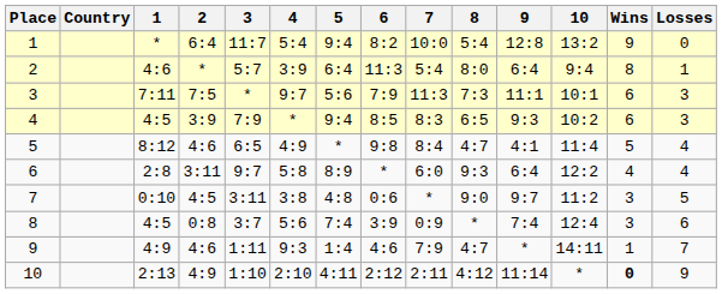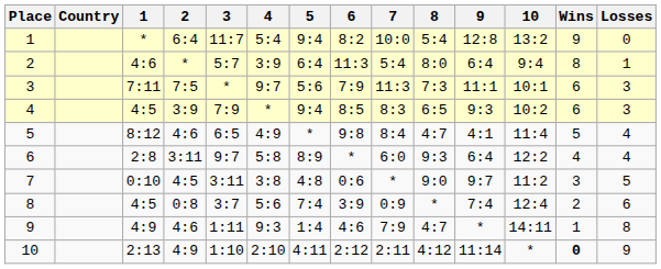 <table class=wikitable style="text-align: center;">
 <tr>
 <th>Place</th>
 <th>Country</th>
 <th width=20>1</th>
 <th width=20>2</th>
 <th width=20>3</th>
 <th width=20>4</th>
 <th width=20>5</th>
 <th width=20>6</th>
 <th width=20>7</th>
 <th width=20>8</th>
 <th width=20>9</th>
 <th width=20>10</th>
 <th width=20>Wins</th>
 <th width=20>Losses</th>
 </tr>
 <tr bgcolor=#ffc>
 <td>1</td>
 <td align="left"></td>
 <td>*</td>
 <td>6:4</td>
 <td>11:7</td>
 <td>5:4</td>
 <td>9:4</td>
 <td>8:2</td>
 <td>10:0</td>
 <td>5:4</td>
 <td>12:8</td>
 <td>13:2</td>
 <td>9</td>
 <td>0</td>
 </tr>
 <tr bgcolor=#ffc>
 <td>2</td>
 <td align="left"></td>
 <td>4:6</td>
 <td>*</td>
 <td>5:7</td>
 <td>3:9</td>
 <td>6:4</td>
 <td>11:3</td>
 <td>5:4</td>
 <td>8:0</td>
 <td>6:4</td>
 <td>9:4</td>
 <td>8</td>
 <td>1</td>
 </tr>
 <tr bgcolor=#ffc>
 <td>3</td>
 <td align="left"></td>
 <td>7:11</td>
 <td>7:5</td>
 <td>*</td>
 <td>9:7</td>
 <td>5:6</td>
 <td>7:9</td>
 <td>11:3</td>
 <td>7:3</td>
 <td>11:1</td>
 <td>10:1</td>
 <td>6</td>
 <td>3</td>
 </tr>
 <tr bgcolor=#ffc>
 <td>4</td>
 <td align="left"></td>
 <td>4:5</td>
 <td>3:9</td>
 <td>7:9</td>
 <td>*</td>
 <td>9:4</td>
 <td>8:5</td>
 <td>8:3</td>
 <td>6:5</td>
 <td>9:3</td>
 <td>10:2</td>
 <td>6</td>
 <td>3</td>
 </tr>
 <tr>
 <td>5</td>
 <td align="left"></td>
 <td>8:12</td>
 <td>4:6</td>
 <td>6:5</td>
 <td>4:9</td>
 <td>*</td>
 <td>9:8</td>
 <td>8:4</td>
 <td>4:7</td>
 <td>4:1</td>
 <td>11:4</td>
 <td>5</td>
 <td>4</td>
 </tr>
 <tr>
 <td>6</td>
 <td align="left"></td>
 <td>2:8</td>
 <td>3:11</td>
 <td>9:7</td>
 <td>5:8</td>
 <td>8:9</td>
 <td>*</td>
 <td>6:0</td>
 <td>9:3</td>
 <td>6:4</td>
 <td>12:2</td>
 <td>4</td>
 <td>4</td>
 </tr>
 <tr>
 <td>7</td>
 <td align="left"></td>
 <td>0:10</td>
 <td>4:5</td>
 <td>3:11</td>
 <td>3:8</td>
 <td>4:8</td>
 <td>0:6</td>
 <td>*</td>
 <td>9:0</td>
 <td>9:7</td>
 <td>11:2</td>
 <td>3</td>
 <td>5</td>
 </tr>
 <tr>
 <td>8</td>
 <td align="left"></td>
 <td>4:5</td>
 <td>0:8</td>
 <td>3:7</td>
 <td>5:6</td>
 <td>7:4</td>
 <td>3:9</td>
 <td>0:9</td>
 <td>*</td>
 <td>7:4</td>
 <td>12:4</td>
-<td>3</td>
+<td>2</td>
 <td>6</td>
 </tr>
 <tr>
 <td>9</td>
 <td align="left"></td>
 <td>4:9</td>
 <td>4:6</td>
 <td>1:11</td>
 <td>9:3</td>
 <td>1:4</td>
 <td>4:6</td>
 <td>7:9</td>
 <td>4:7</td>
 <td>*</td>
 <td>14:11</td>
 <td>1</td>
-<td>7</td>
+<td>8</td>
 </tr>
 <tr>
 <td>10</td>
 <td align="left"></td>
 <td>2:13</td>
 <td>4:9</td>
 <td>1:10</td>
 <td>2:10</td>
 <td>4:11</td>
 <td>2:12</td>
 <td>2:11</td>
 <td>4:12</td>
 <td>11:14</td>
 <td>*</td>
 <td><strong>0</strong></td>
 <td>9</td>
 </tr>
 </table>
